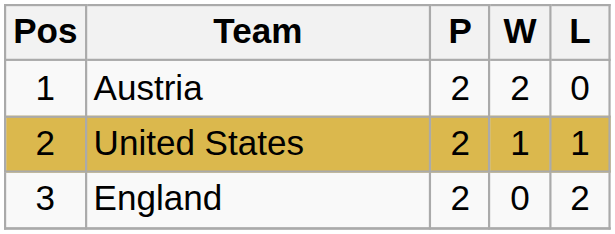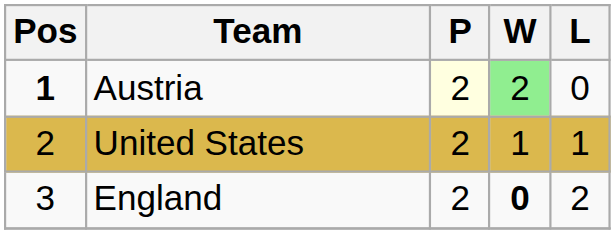 <table class="wikitable" style="font-size: 100%">
 <tr>
 <th width=15>Pos</th>
 <th width=150>Team</th>
 <th width=20>P</th>
 <th width=20>W</th>
 <th width=20>L</th>
 </tr>
 <tr align=center>
-<td>1</td>
+<td><strong>1</strong></td>
 <td align="left"> Austria</td>
-<td>2</td>
-<td>2</td>
+<td style="background: lightyellow;">2</td>
+<td style="background: lightgreen;">2</td>
 <td>0</td>
 </tr>
 <tr align=center style="background: #DBB84D;">
 <td>2</td>
 <td align="left"> United States</td>
 <td>2</td>
 <td>1</td>
 <td>1</td>
 </tr>
 <tr align=center>
 <td>3</td>
 <td align="left"> England</td>
 <td>2</td>
-<td>0</td>
+<td><strong>0</strong></td>
 <td>2</td>
 </tr>
 <tr align=center>
 </tr>
 </table>
